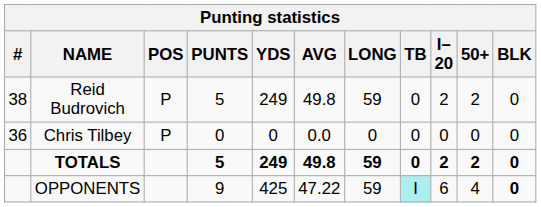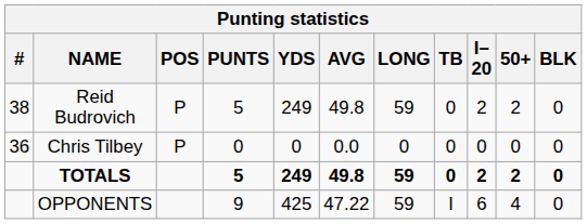 <table style="width:40%; text-align:center;" class="wikitable collapsible collapsed">
 <tr>
 <th colspan="12">Punting statistics</th>
 </tr>
 <tr>
 <th>#</th>
 <th>NAME</th>
 <th>POS</th>
 <th>PUNTS</th>
 <th>YDS</th>
 <th>AVG</th>
 <th>LONG</th>
 <th>TB</th>
 <th>I–20</th>
 <th>50+</th>
 <th>BLK</th>
 </tr>
 <tr>
 <td>38</td>
 <td>Reid Budrovich</td>
 <td>P</td>
 <td>5</td>
 <td>249</td>
 <td>49.8</td>
 <td>59</td>
 <td>0</td>
 <td>2</td>
 <td>2</td>
 <td>0</td>
 </tr>
 <tr>
 <td>36</td>
 <td>Chris Tilbey</td>
 <td>P</td>
 <td>0</td>
 <td>0</td>
 <td>0.0</td>
 <td>0</td>
 <td>0</td>
 <td>0</td>
 <td>0</td>
 <td>0</td>
 </tr>
 <tr>
 <td></td>
 <td><strong>TOTALS</strong></td>
 <td></td>
 <td><strong>5</strong></td>
 <td><strong>249</strong></td>
 <td><strong>49.8</strong></td>
 <td><strong>59</strong></td>
 <td><strong>0</strong></td>
 <td><strong>2</strong></td>
 <td><strong>2</strong></td>
 <td><strong>0</strong></td>
 </tr>
 <tr>
 <td></td>
 <td>OPPONENTS</td>
 <td></td>
 <td>9</td>
 <td>425</td>
 <td>47.22</td>
 <td>59</td>
-<td style="background: paleturquoise;">I</td>
+<td>I</td>
 <td>6</td>
 <td>4</td>
-<td><strong>0</strong></td>
+<td>0</td>
 </tr>
 </table>
